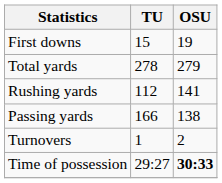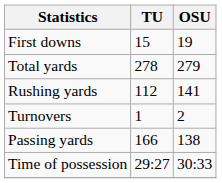 <table class="wikitable" style="float: left;">
 <tr>
 <th>Statistics</th>
 <th>TU</th>
 <th>OSU</th>
 </tr>
 <tr>
 <td>First downs</td>
 <td>15</td>
 <td>19</td>
 </tr>
 <tr>
 <td>Total yards</td>
 <td>278</td>
 <td>279</td>
 </tr>
 <tr>
 <td>Rushing yards</td>
 <td>112</td>
 <td>141</td>
 </tr>
 <tr>
+<td>Turnovers</td>
+<td>1</td>
+<td>2</td>
+</tr>
+<tr>
 <td>Passing yards</td>
 <td>166</td>
 <td>138</td>
 </tr>
 <tr>
-<td>Turnovers</td>
-<td>1</td>
-<td>2</td>
-</tr>
-<tr>
 <td>Time of possession</td>
 <td>29:27</td>
-<td><strong>30:33</strong></td>
+<td>30:33</td>
 </tr>
 <tr>
 </tr>
 </table>
